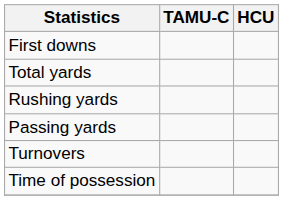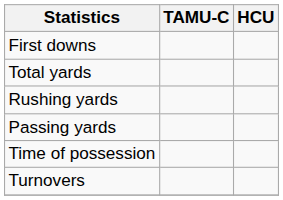 <table class="wikitable" style="float: left;">
 <tr>
 <th>Statistics</th>
 <th>TAMU-C</th>
 <th>HCU</th>
 </tr>
 <tr>
 <td>First downs</td>
 <td></td>
 <td></td>
 </tr>
 <tr>
 <td>Total yards</td>
 <td></td>
 <td></td>
 </tr>
 <tr>
 <td>Rushing yards</td>
 <td></td>
 <td></td>
 </tr>
 <tr>
 <td>Passing yards</td>
 <td></td>
 <td></td>
 </tr>
 <tr>
-<td>Turnovers</td>
+<td>Time of possession</td>
 <td></td>
 <td></td>
 </tr>
 <tr>
-<td>Time of possession</td>
+<td>Turnovers</td>
 <td></td>
 <td></td>
 </tr>
 <tr>
 </tr>
 </table>
